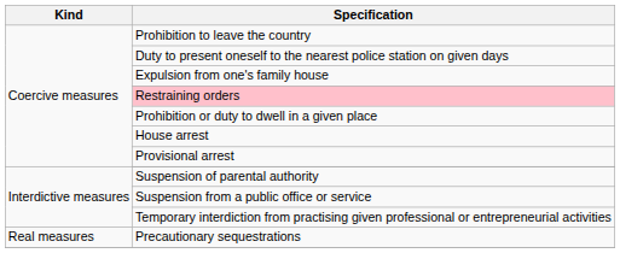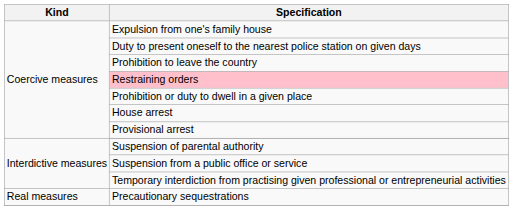 <table class="wikitable">
 <tr>
 <th>Kind</th>
 <th>Specification</th>
 </tr>
 <tr>
 <td rowspan="7">Coercive measures</td>
-<td>Prohibition to leave the country</td>
+<td>Expulsion from one's family house</td>
 </tr>
 <tr>
 <td>Duty to present oneself to the nearest police station on given days</td>
 </tr>
 <tr>
-<td>Expulsion from one's family house</td>
+<td>Prohibition to leave the country</td>
 </tr>
 <tr>
 <td style="background: pink;">Restraining orders</td>
 </tr>
 <tr>
 <td>Prohibition or duty to dwell in a given place</td>
 </tr>
 <tr>
 <td>House arrest</td>
 </tr>
 <tr>
 <td>Provisional arrest</td>
 </tr>
 <tr>
 <td rowspan="4">Interdictive measures</td>
 </tr>
 <tr>
 <td>Suspension of parental authority</td>
 </tr>
 <tr>
 <td>Suspension from a public office or service</td>
 </tr>
 <tr>
 <td>Temporary interdiction from practising given professional or entrepreneurial activities</td>
 </tr>
 <tr>
 <td>Real measures</td>
 <td>Precautionary sequestrations</td>
 </tr>
 <tr>
 </tr>
 </table>
